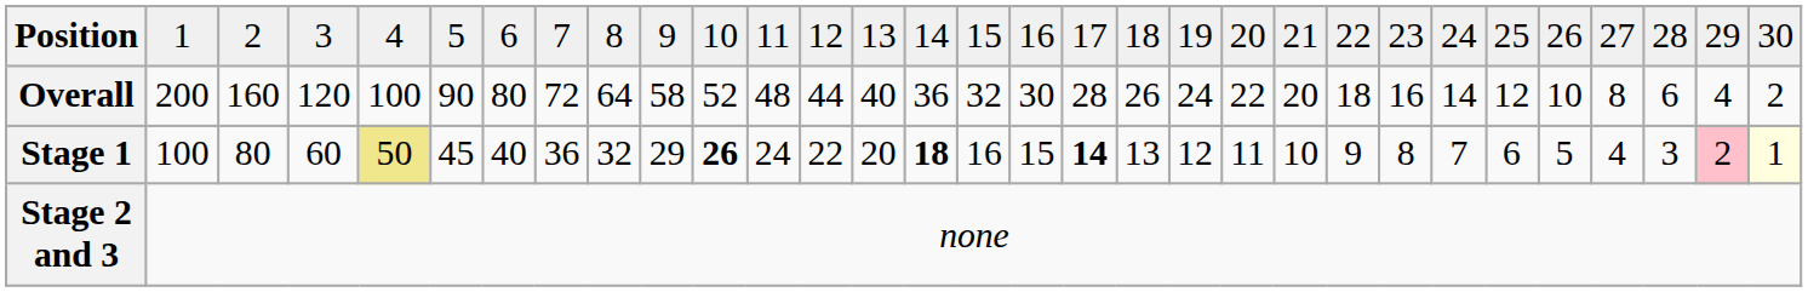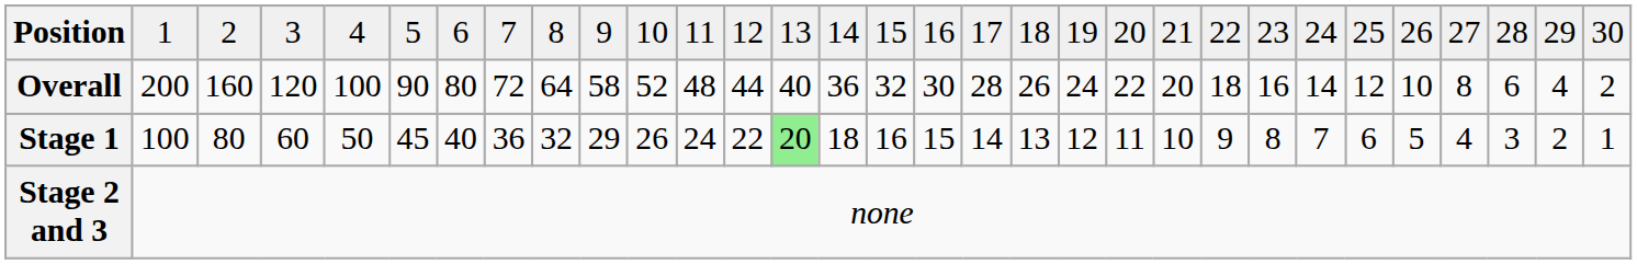 <table class="wikitable" style="font-size:90%; text-align:center">
 <tr bgcolor="#F0F0F0">
 <th>Position</th>
 <td width=20>1</td>
 <td width=20>2</td>
 <td width=20>3</td>
 <td width=20>4</td>
 <td width=20>5</td>
 <td width=20>6</td>
 <td width=20>7</td>
 <td width=20>8</td>
 <td width=20>9</td>
 <td width=20>10</td>
 <td width=20>11</td>
 <td width=20>12</td>
 <td width=20>13</td>
 <td width=20>14</td>
 <td width=20>15</td>
 <td width=20>16</td>
 <td width=20>17</td>
 <td width=20>18</td>
 <td width=20>19</td>
 <td width=20>20</td>
 <td width=20>21</td>
 <td width=20>22</td>
 <td width=20>23</td>
 <td width=20>24</td>
 <td width=20>25</td>
 <td width=20>26</td>
 <td width=20>27</td>
 <td width=20>28</td>
 <td width=20>29</td>
 <td width=20>30</td>
 </tr>
 <tr>
 <th>Overall</th>
 <td>200</td>
 <td>160</td>
 <td>120</td>
 <td>100</td>
 <td>90</td>
 <td>80</td>
 <td>72</td>
 <td>64</td>
 <td>58</td>
 <td>52</td>
 <td>48</td>
 <td>44</td>
 <td>40</td>
 <td>36</td>
 <td>32</td>
 <td>30</td>
 <td>28</td>
 <td>26</td>
 <td>24</td>
 <td>22</td>
 <td>20</td>
 <td>18</td>
 <td>16</td>
 <td>14</td>
 <td>12</td>
 <td>10</td>
 <td>8</td>
 <td>6</td>
 <td>4</td>
 <td>2</td>
 </tr>
 <tr>
 <th>Stage 1</th>
 <td>100</td>
 <td>80</td>
 <td>60</td>
-<td style="background: khaki;">50</td>
+<td>50</td>
 <td>45</td>
 <td>40</td>
 <td>36</td>
 <td>32</td>
 <td>29</td>
-<td><strong>26</strong></td>
+<td>26</td>
 <td>24</td>
 <td>22</td>
-<td>20</td>
-<td><strong>18</strong></td>
+<td style="background: lightgreen;">20</td>
+<td>18</td>
 <td>16</td>
 <td>15</td>
-<td><strong>14</strong></td>
+<td>14</td>
 <td>13</td>
 <td>12</td>
 <td>11</td>
 <td>10</td>
 <td>9</td>
 <td>8</td>
 <td>7</td>
 <td>6</td>
 <td>5</td>
 <td>4</td>
 <td>3</td>
-<td style="background: pink;">2</td>
-<td style="background: lightyellow;">1</td>
+<td>2</td>
+<td>1</td>
 </tr>
 <tr>
 <th>Stage 2 and 3</th>
 <td colspan=30><em>none</em></td>
 </tr>
 </table>
